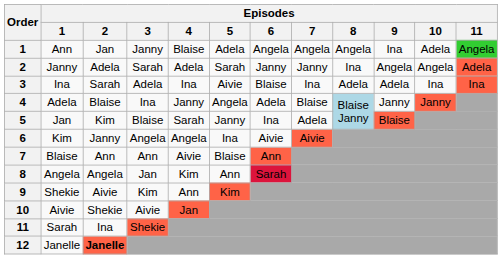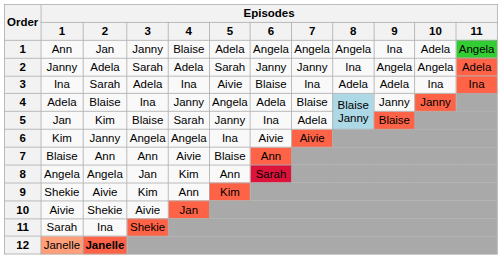 <table class="wikitable" style="text-align:center; font-size:92%">
 <tr>
 <th rowspan=2>Order</th>
 <th ! colspan="11">Episodes</th>
 </tr>
 <tr>
 <th>1</th>
 <th>2</th>
 <th>3</th>
 <th>4</th>
 <th>5</th>
 <th>6</th>
 <th>7</th>
 <th>8</th>
 <th>9</th>
 <th>10</th>
 <th>11</th>
 </tr>
 <tr>
 <th>1</th>
 <td>Ann</td>
 <td>Jan</td>
 <td>Janny</td>
 <td>Blaise</td>
 <td>Adela</td>
 <td>Angela</td>
 <td>Angela</td>
 <td>Angela</td>
 <td>Ina</td>
 <td>Adela</td>
 <td style="background:limegreen;">Angela</td>
 </tr>
 <tr>
 <th>2</th>
 <td>Janny</td>
 <td>Adela</td>
 <td>Sarah</td>
 <td>Adela</td>
 <td>Sarah</td>
 <td>Janny</td>
 <td>Janny</td>
 <td>Ina</td>
 <td>Angela</td>
 <td>Angela</td>
 <td style="background:tomato;">Adela</td>
 </tr>
 <tr>
 <th>3</th>
 <td>Ina</td>
 <td>Sarah</td>
 <td>Adela</td>
 <td>Ina</td>
 <td>Aivie</td>
 <td>Blaise</td>
 <td>Ina</td>
 <td>Adela</td>
 <td>Adela</td>
 <td>Ina</td>
 <td style="background:tomato;">Ina</td>
 </tr>
 <tr>
 <th>4</th>
 <td>Adela</td>
 <td>Blaise</td>
 <td>Ina</td>
 <td>Janny</td>
 <td>Angela</td>
 <td>Adela</td>
 <td>Blaise</td>
 <td rowspan="2" style="background:lightblue;">Blaise<br>Janny</td>
 <td>Janny</td>
 <td style="background:tomato;">Janny</td>
 <td style="background:darkgray;" colspan="4"></td>
 </tr>
 <tr>
 <th>5</th>
 <td>Jan</td>
 <td>Kim</td>
 <td>Blaise</td>
 <td>Sarah</td>
 <td>Janny</td>
 <td>Ina</td>
 <td>Adela</td>
 <td style="background:tomato;">Blaise</td>
 <td style="background:darkgray;" colspan="5"></td>
 </tr>
 <tr>
 <th>6</th>
 <td>Kim</td>
 <td>Janny</td>
 <td>Angela</td>
 <td>Angela</td>
 <td>Ina</td>
 <td>Aivie</td>
 <td style="background:tomato;">Aivie</td>
 <td style="background:darkgray;" colspan="6"></td>
 </tr>
 <tr>
 <th>7</th>
 <td>Blaise</td>
 <td>Ann</td>
 <td>Ann</td>
 <td>Aivie</td>
 <td>Blaise</td>
 <td style="background:tomato;">Ann</td>
 <td style="background:darkgray;" colspan="7"></td>
 </tr>
 <tr>
 <th>8</th>
 <td>Angela</td>
 <td>Angela</td>
 <td>Jan</td>
 <td>Kim</td>
 <td>Ann</td>
 <td style="background:crimson;"><span>Sarah</span></td>
 <td style="background:darkgray;" colspan="8"></td>
 </tr>
 <tr>
 <th>9</th>
 <td>Shekie</td>
 <td>Aivie</td>
 <td>Kim</td>
 <td>Ann</td>
 <td style="background:tomato;">Kim</td>
 <td style="background:darkgray;" colspan="9"></td>
 </tr>
 <tr>
 <th>10</th>
 <td>Aivie</td>
 <td>Shekie</td>
 <td>Aivie</td>
 <td style="background:tomato;">Jan</td>
 <td style="background:darkgray;" colspan="10"></td>
 </tr>
 <tr>
 <th>11</th>
 <td>Sarah</td>
 <td>Ina</td>
 <td style="background:tomato;">Shekie</td>
 <td style="background:darkgray;" colspan="11"></td>
 </tr>
 <tr>
 <th>12</th>
-<td>Janelle</td>
+<td style="background: lightsalmon;">Janelle</td>
 <td style="background:tomato;"><strong>Janelle</strong></td>
 <td style="background:darkgray;" colspan="12"></td>
 </tr>
 </table>
